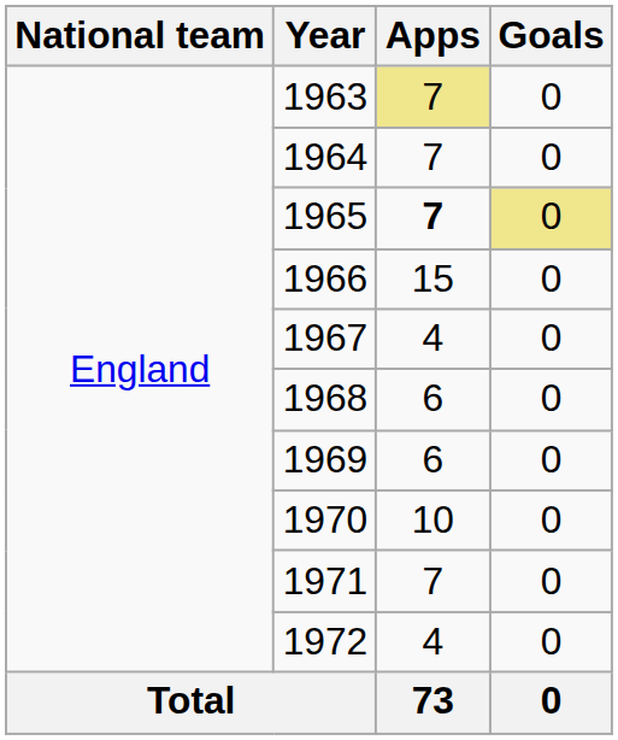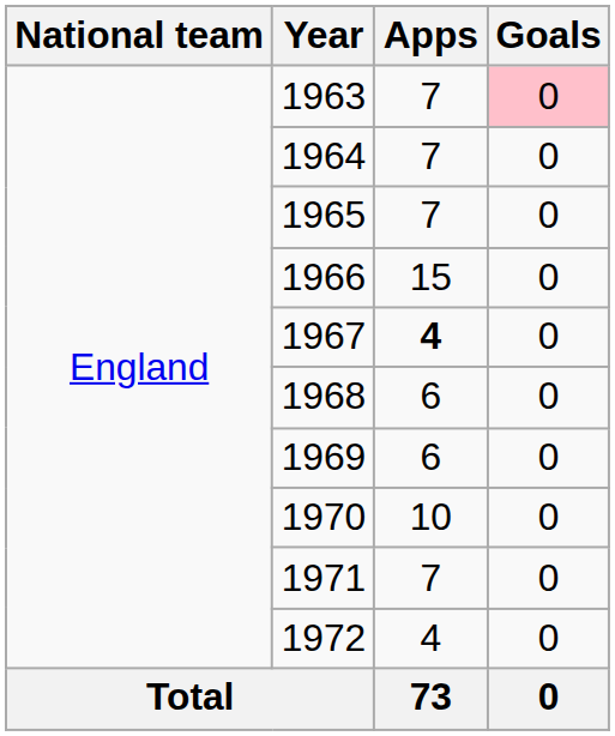 <table class="wikitable" style="text-align:center">
 <tr>
 <th>National team</th>
 <th>Year</th>
 <th>Apps</th>
 <th>Goals</th>
 </tr>
 <tr>
 <td rowspan="10"><a href='#'>England</a></td>
 <td>1963</td>
-<td style="background: khaki;">7</td>
-<td>0</td>
+<td>7</td>
+<td style="background: pink;">0</td>
 </tr>
 <tr>
 <td>1964</td>
 <td>7</td>
 <td>0</td>
 </tr>
 <tr>
 <td>1965</td>
-<td><strong>7</strong></td>
-<td style="background: khaki;">0</td>
+<td>7</td>
+<td>0</td>
 </tr>
 <tr>
 <td>1966</td>
 <td>15</td>
 <td>0</td>
 </tr>
 <tr>
 <td>1967</td>
-<td>4</td>
+<td><strong>4</strong></td>
 <td>0</td>
 </tr>
 <tr>
 <td>1968</td>
 <td>6</td>
 <td>0</td>
 </tr>
 <tr>
 <td>1969</td>
 <td>6</td>
 <td>0</td>
 </tr>
 <tr>
 <td>1970</td>
 <td>10</td>
 <td>0</td>
 </tr>
 <tr>
 <td>1971</td>
 <td>7</td>
 <td>0</td>
 </tr>
 <tr>
 <td>1972</td>
 <td>4</td>
 <td>0</td>
 </tr>
 <tr>
 <th colspan="2">Total</th>
 <th>73</th>
 <th>0</th>
 </tr>
 </table>
